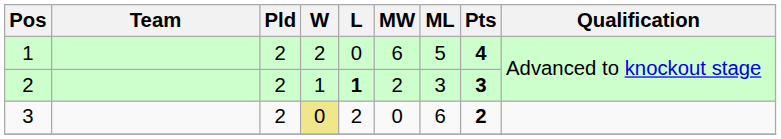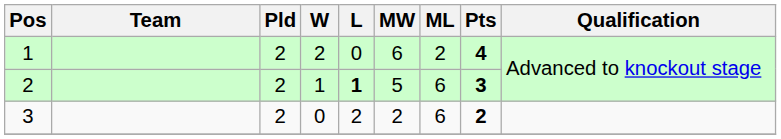 <table class="wikitable" style="text-align:center">
 <tr>
 <th width=25>Pos</th>
 <th width=200>Team</th>
 <th width=25>Pld</th>
 <th width=25>W</th>
 <th width=25>L</th>
 <th width=25>MW</th>
 <th width=25>ML</th>
 <th width=25>Pts</th>
 <th width=250>Qualification</th>
 </tr>
 <tr bgcolor=ccffcc>
 <td>1</td>
 <td style="text-align:left;"></td>
 <td>2</td>
 <td>2</td>
 <td>0</td>
 <td>6</td>
-<td>5</td>
+<td>2</td>
 <td><strong>4</strong></td>
 <td rowspan=2 style="text-align:left;">Advanced to <a href='#'>knockout stage</a></td>
 </tr>
 <tr bgcolor=ccffcc>
 <td>2</td>
 <td style="text-align:left;"></td>
 <td>2</td>
 <td>1</td>
 <td><strong>1</strong></td>
-<td>2</td>
-<td>3</td>
+<td>5</td>
+<td>6</td>
 <td><strong>3</strong></td>
 </tr>
 <tr>
 <td>3</td>
 <td style="text-align:left;"></td>
 <td>2</td>
-<td style="background: khaki;">0</td>
+<td>0</td>
 <td>2</td>
-<td>0</td>
+<td>2</td>
 <td>6</td>
 <td><strong>2</strong></td>
 <td></td>
 </tr>
 <tr>
 </tr>
 </table>
